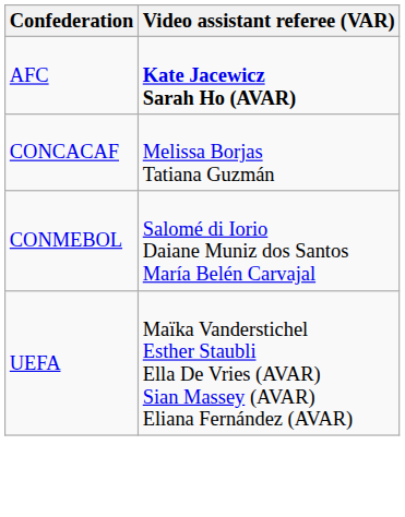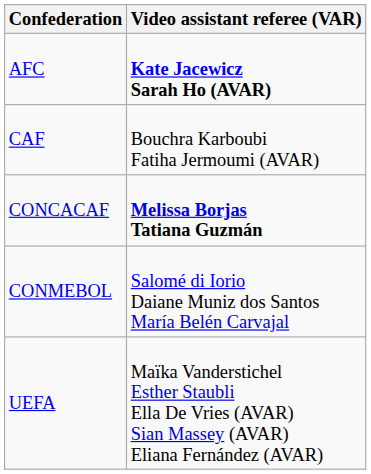 <table class="wikitable">
 <tr>
 <th>Confederation</th>
 <th>Video assistant referee (VAR)</th>
 </tr>
 <tr>
 <td><a href='#'>AFC</a></td>
 <td><strong><br> <a href='#'>Kate Jacewicz</a><br>  Sarah Ho (AVAR)</strong></td>
 </tr>
 <tr>
+<td><a href='#'>CAF</a></td>
+<td><br> Bouchra Karboubi<br>  Fatiha Jermoumi (AVAR)</td>
+</tr>
+<tr>
 <td><a href='#'>CONCACAF</a></td>
-<td><br> <a href='#'>Melissa Borjas</a><br>  Tatiana Guzmán</td>
+<td><strong><br> <a href='#'>Melissa Borjas</a><br>  Tatiana Guzmán</strong></td>
 </tr>
 <tr>
 <td><a href='#'>CONMEBOL</a></td>
 <td><br> <a href='#'>Salomé di Iorio</a><br>  Daiane Muniz dos Santos<br>  <a href='#'>María Belén Carvajal</a></td>
 </tr>
 <tr>
 <td><a href='#'>UEFA</a></td>
 <td><br> Maïka Vanderstichel<br>  <a href='#'>Esther Staubli</a><br>  Ella De Vries (AVAR)<br>  <a href='#'>Sian Massey</a> (AVAR)<br>  Eliana Fernández (AVAR)</td>
 </tr>
 </table>
